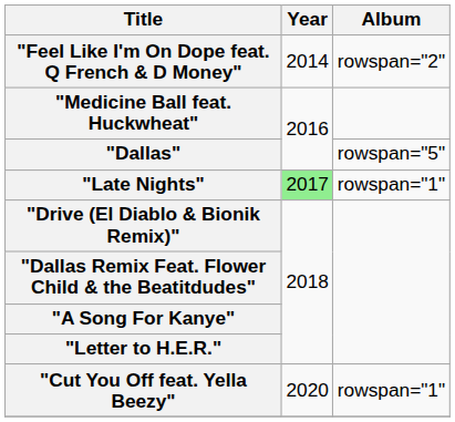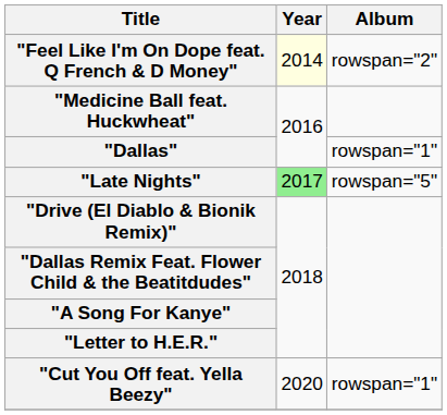 <table class="wikitable plainrowheaders" style="text-align:center;">
 <tr>
 <th scope="col" style="width:14em;">Title</th>
 <th scope="col">Year</th>
 <th scope="col">Album</th>
 </tr>
 <tr>
 <th scope="row">"Feel Like I'm On Dope feat. Q French & D Money"</th>
-<td rowspan="1">2014</td>
+<td rowspan="1" style="background: lightyellow;">2014</td>
 <td>rowspan="2" </td>
 </tr>
 <tr>
 <th scope="row">"Medicine Ball feat. Huckwheat"</th>
 <td rowspan="2">2016</td>
 </tr>
 <tr>
 <th scope="row">"Dallas"</th>
-<td>rowspan="5" </td>
+<td>rowspan="1" </td>
 </tr>
 <tr>
 <th scope="row">"Late Nights"</th>
 <td rowspan="1" style="background: lightgreen;">2017</td>
-<td>rowspan="1" </td>
+<td>rowspan="5" </td>
 </tr>
 <tr>
 <th scope="row">"Drive (El Diablo & Bionik Remix)"</th>
 <td rowspan="4">2018</td>
 </tr>
 <tr>
 <th scope="row">"Dallas Remix Feat. Flower Child & the Beatitdudes"</th>
 </tr>
 <tr>
 <th scope="row">"A Song For Kanye"</th>
 </tr>
 <tr>
 <th scope="row">"Letter to H.E.R."</th>
 </tr>
 <tr>
 <th scope="row">"Cut You Off feat. Yella Beezy"</th>
 <td rowspan="1">2020</td>
 <td>rowspan="1" </td>
 </tr>
 <tr>
 </tr>
 </table>
